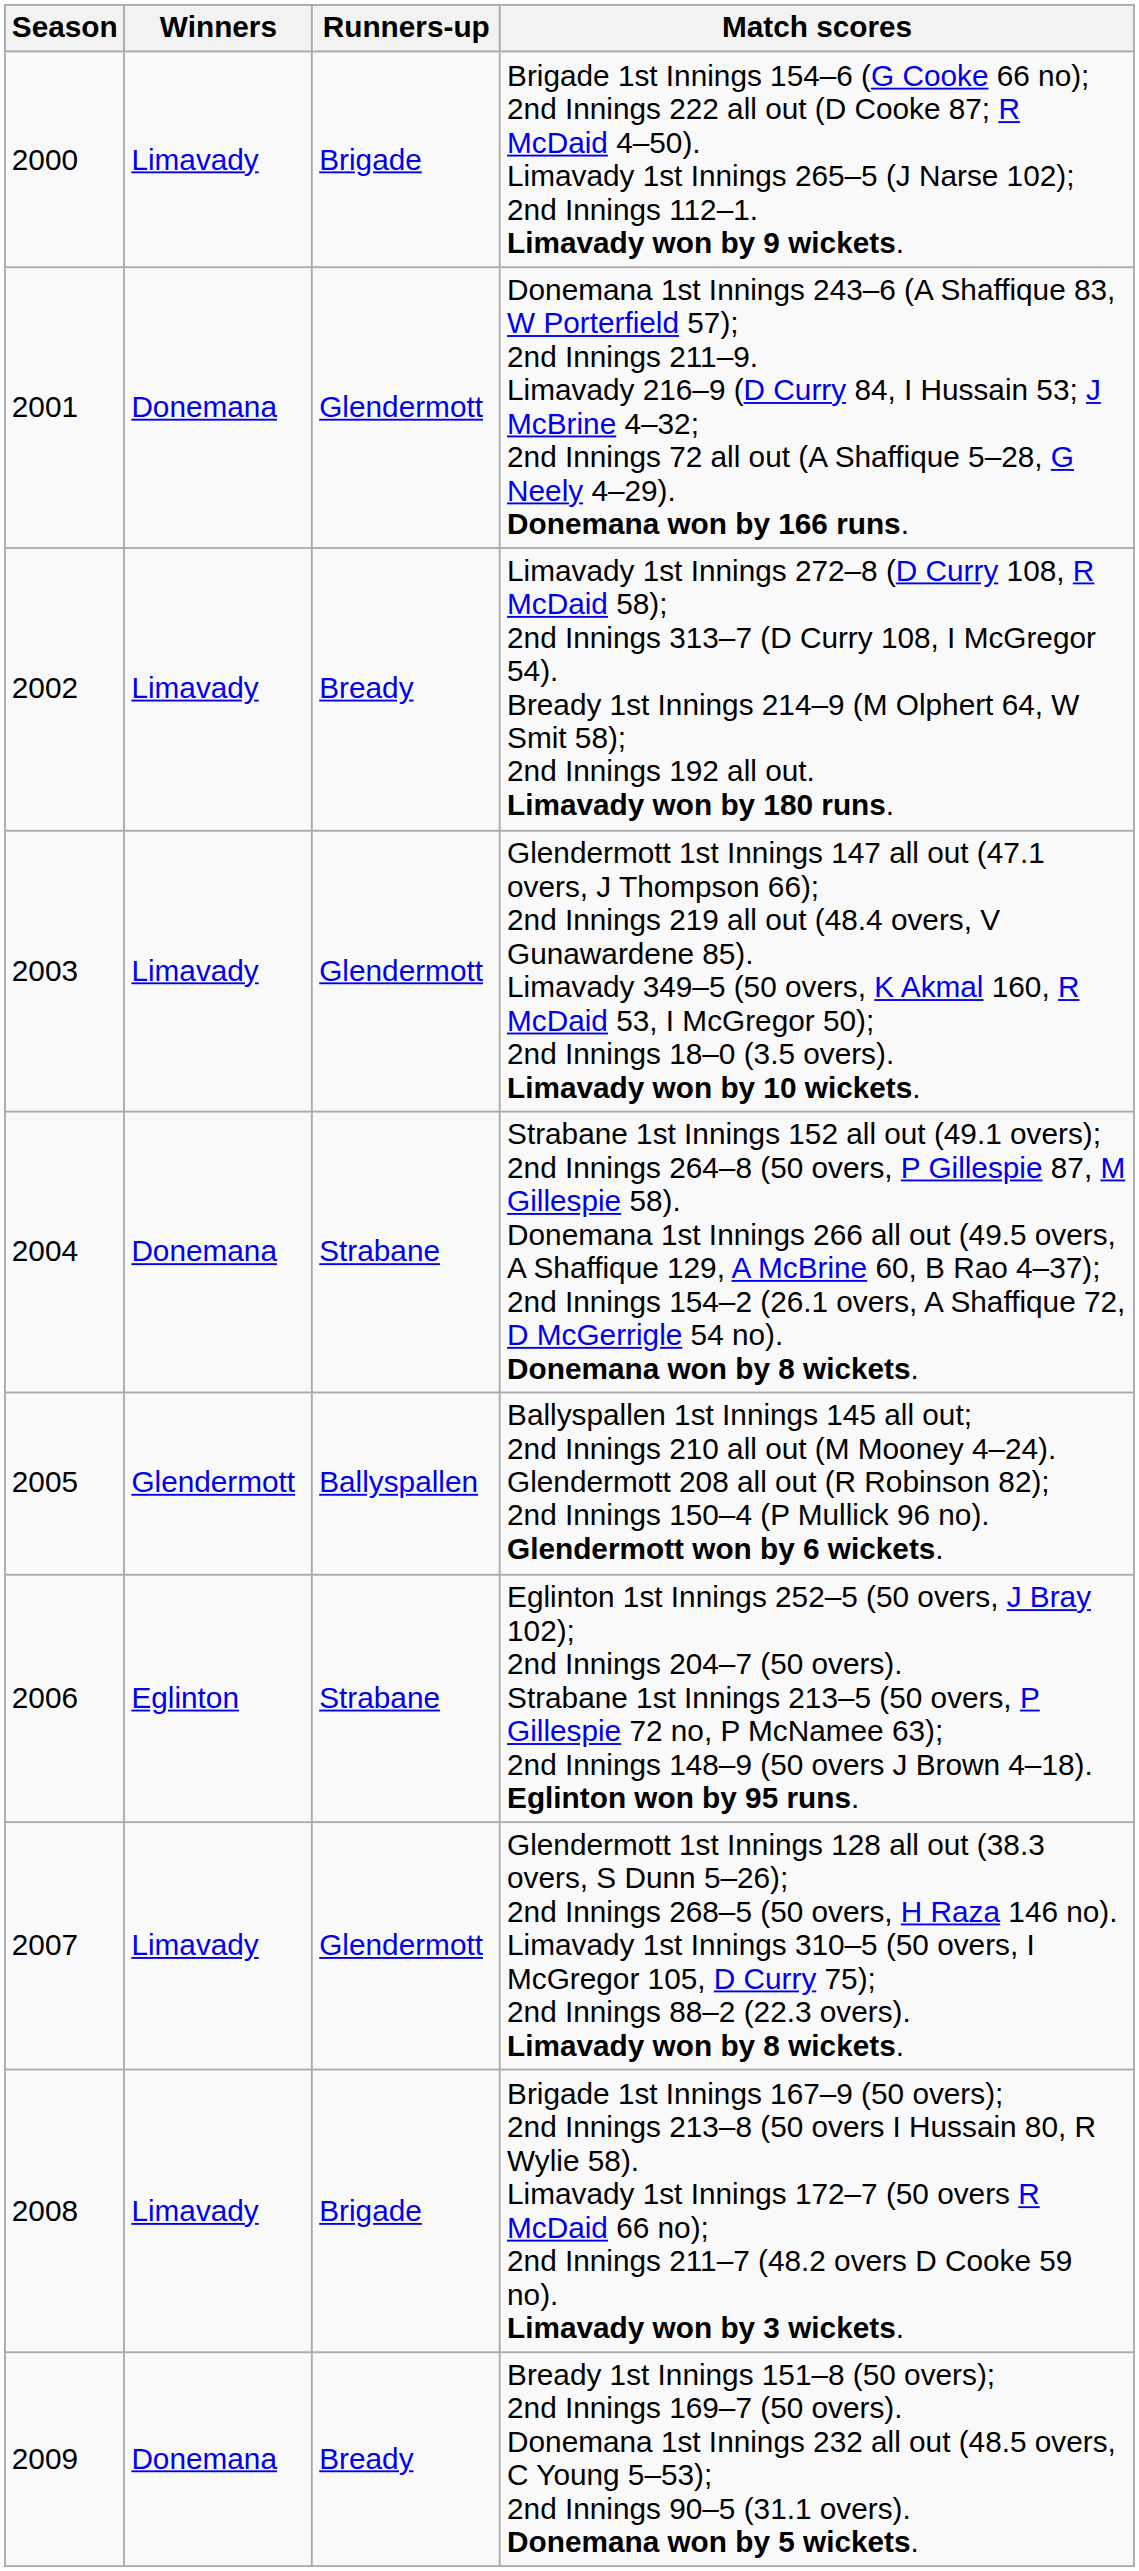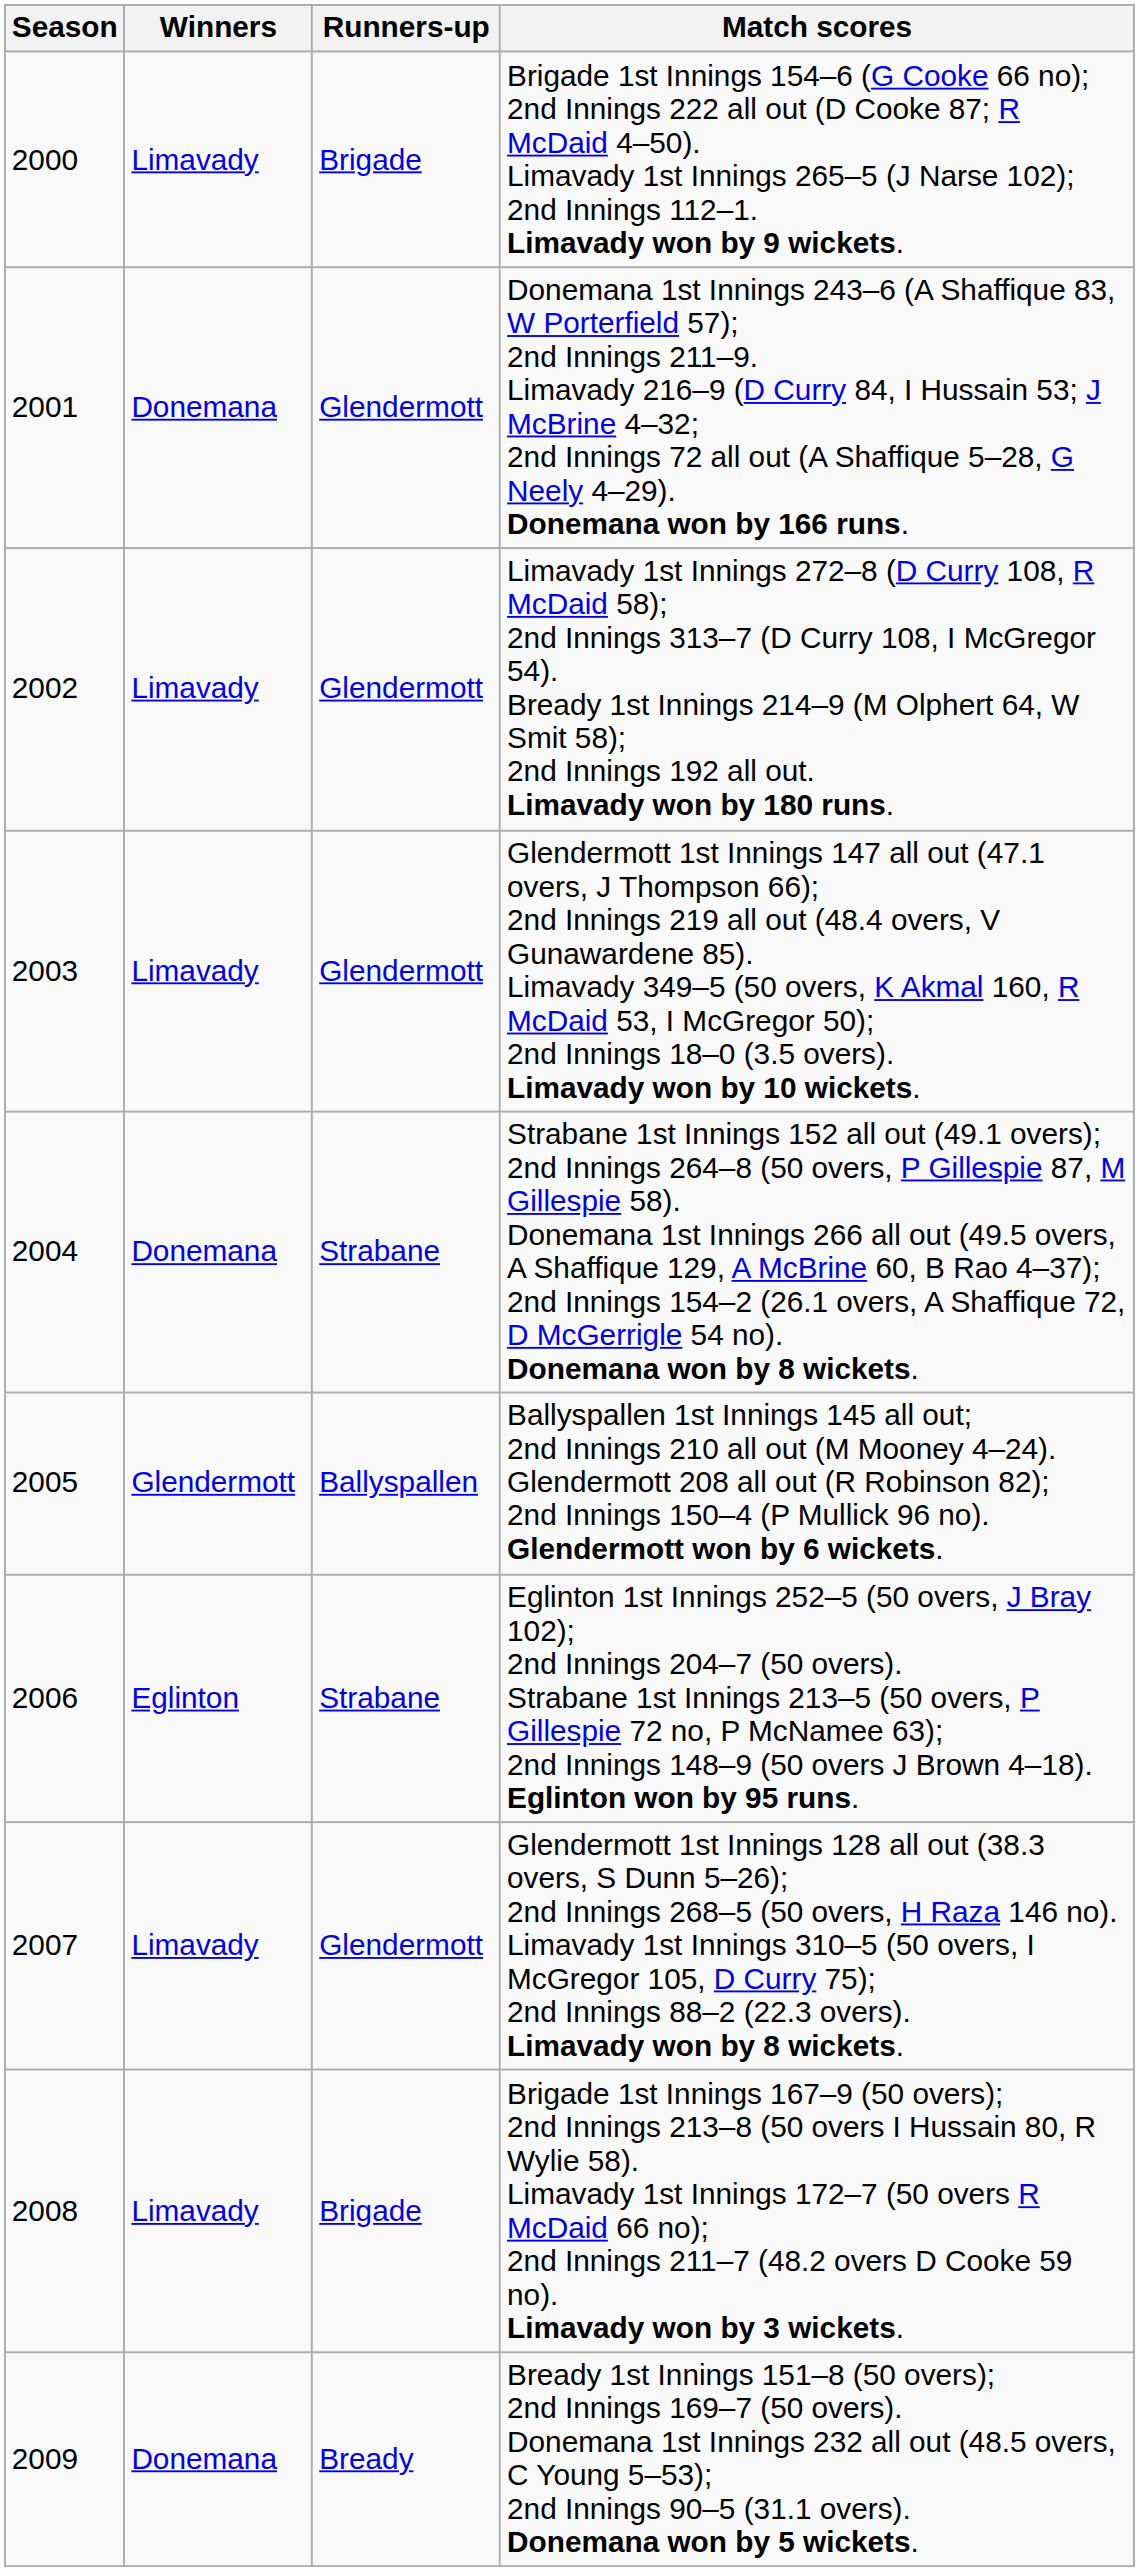 <table class="wikitable">
 <tr>
 <th>Season</th>
 <th width="100">Winners</th>
 <th width="100">Runners-up</th>
 <th width="600">Match scores</th>
 </tr>
 <tr>
 <td>2000</td>
 <td><a href='#'>Limavady</a></td>
 <td><a href='#'>Brigade</a></td>
 <td>Brigade 1st Innings 154–6 (<a href='#'>G Cooke</a> 66 no);<br>2nd Innings 222 all out (D Cooke 87; <a href='#'>R McDaid</a> 4–50).<br>Limavady 1st Innings 265–5 (J Narse 102);<br>2nd Innings 112–1.<br><strong>Limavady won by 9 wickets</strong>.</td>
 </tr>
 <tr>
 <td>2001</td>
 <td><a href='#'>Donemana</a></td>
 <td><a href='#'>Glendermott</a></td>
 <td>Donemana 1st Innings 243–6 (A Shaffique 83, <a href='#'>W Porterfield</a> 57);<br>2nd Innings 211–9.<br>Limavady 216–9 (<a href='#'>D Curry</a> 84, I Hussain 53; <a href='#'>J McBrine</a> 4–32;<br>2nd Innings 72 all out (A Shaffique 5–28, <a href='#'>G Neely</a> 4–29).<br><strong>Donemana won by 166 runs</strong>.</td>
 </tr>
 <tr>
 <td>2002</td>
 <td><a href='#'>Limavady</a></td>
-<td><a href='#'>Bready</a></td>
+<td><a href='#'>Glendermott</a></td>
 <td>Limavady 1st Innings 272–8 (<a href='#'>D Curry</a> 108, <a href='#'>R McDaid</a> 58);<br>2nd Innings 313–7 (D Curry 108, I McGregor 54).<br>Bready 1st Innings 214–9 (M Olphert 64, W Smit 58);<br>2nd Innings 192 all out.<br><strong>Limavady won by 180 runs</strong>.</td>
 </tr>
 <tr>
 <td>2003</td>
 <td><a href='#'>Limavady</a></td>
 <td><a href='#'>Glendermott</a></td>
 <td>Glendermott 1st Innings 147 all out (47.1 overs, J Thompson 66);<br>2nd Innings 219 all out (48.4 overs, V Gunawardene 85).<br>Limavady 349–5 (50 overs, <a href='#'>K Akmal</a> 160, <a href='#'>R McDaid</a> 53, I McGregor 50);<br>2nd Innings 18–0 (3.5 overs).<br><strong>Limavady won by 10 wickets</strong>.</td>
 </tr>
 <tr>
 <td>2004</td>
 <td><a href='#'>Donemana</a></td>
 <td><a href='#'>Strabane</a></td>
 <td>Strabane 1st Innings 152 all out (49.1 overs);<br>2nd Innings 264–8 (50 overs, <a href='#'>P Gillespie</a> 87, <a href='#'>M Gillespie</a> 58).<br>Donemana 1st Innings 266 all out (49.5 overs, A Shaffique 129, <a href='#'>A McBrine</a> 60, B Rao 4–37);<br>2nd Innings 154–2 (26.1 overs, A Shaffique 72, <a href='#'>D McGerrigle</a> 54 no).<br><strong>Donemana won by 8 wickets</strong>.</td>
 </tr>
 <tr>
 <td>2005</td>
 <td><a href='#'>Glendermott</a></td>
 <td><a href='#'>Ballyspallen</a></td>
 <td>Ballyspallen 1st Innings 145 all out;<br>2nd Innings 210 all out (M Mooney 4–24).<br>Glendermott 208 all out (R Robinson 82);<br>2nd Innings 150–4 (P Mullick 96 no).<br><strong>Glendermott won by 6 wickets</strong>.</td>
 </tr>
 <tr>
 <td>2006</td>
 <td><a href='#'>Eglinton</a></td>
 <td><a href='#'>Strabane</a></td>
 <td>Eglinton 1st Innings 252–5 (50 overs, <a href='#'>J Bray</a> 102);<br>2nd Innings 204–7 (50 overs).<br>Strabane 1st Innings 213–5 (50 overs, <a href='#'>P Gillespie</a> 72 no, P McNamee 63);<br>2nd Innings 148–9 (50 overs J Brown 4–18).<br><strong>Eglinton won by 95 runs</strong>.</td>
 </tr>
 <tr>
 <td>2007</td>
 <td><a href='#'>Limavady</a></td>
 <td><a href='#'>Glendermott</a></td>
 <td>Glendermott 1st Innings 128 all out (38.3 overs, S Dunn 5–26);<br>2nd Innings 268–5 (50 overs, <a href='#'>H Raza</a> 146 no).<br>Limavady 1st Innings 310–5 (50 overs, I McGregor 105, <a href='#'>D Curry</a> 75);<br>2nd Innings 88–2 (22.3 overs).<br><strong>Limavady won by 8 wickets</strong>.</td>
 </tr>
 <tr>
 <td>2008</td>
 <td><a href='#'>Limavady</a></td>
 <td><a href='#'>Brigade</a></td>
 <td>Brigade 1st Innings 167–9 (50 overs);<br>2nd Innings 213–8 (50 overs I Hussain 80, R Wylie 58).<br>Limavady 1st Innings 172–7 (50 overs <a href='#'>R McDaid</a> 66 no);<br>2nd Innings 211–7 (48.2 overs D Cooke 59 no).<br><strong>Limavady won by 3 wickets</strong>.</td>
 </tr>
 <tr>
 <td>2009</td>
 <td><a href='#'>Donemana</a></td>
 <td><a href='#'>Bready</a></td>
 <td>Bready 1st Innings 151–8 (50 overs);<br>2nd Innings 169–7 (50 overs).<br>Donemana 1st Innings 232 all out (48.5 overs, C Young 5–53);<br>2nd Innings 90–5 (31.1 overs).<br><strong>Donemana won by 5 wickets</strong>.</td>
 </tr>
 </table>
